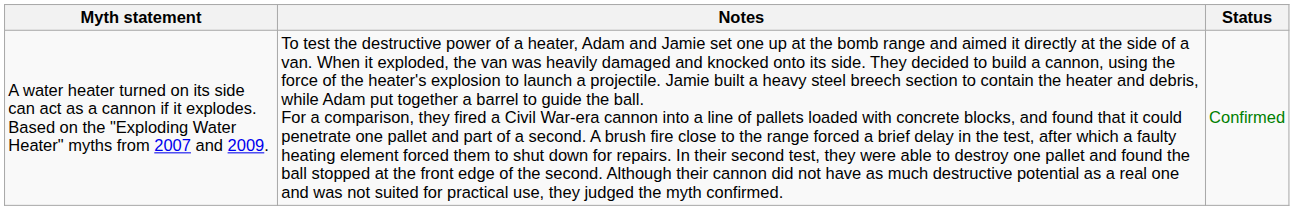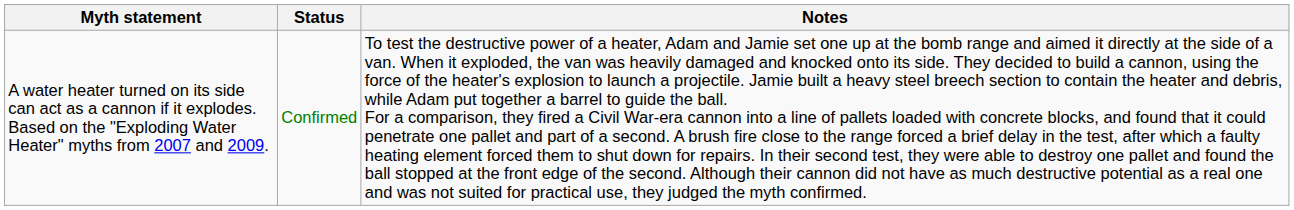 <table class="wikitable plainrowheaders">
 <tr>
 <th>Myth statement</th>
+<th>Status</th>
 <th>Notes</th>
-<th>Status</th>
 </tr>
 <tr>
 <td>A water heater turned on its side can act as a cannon if it explodes. Based on the "Exploding Water Heater" myths from <a href='#'>2007</a> and <a href='#'>2009</a>.</td>
+<td style="color:green">Confirmed</td>
 <td>To test the destructive power of a heater, Adam and Jamie set one up at the bomb range and aimed it directly at the side of a van. When it exploded, the van was heavily damaged and knocked onto its side. They decided to build a cannon, using the force of the heater's explosion to launch a projectile. Jamie built a heavy steel breech section to contain the heater and debris, while Adam put together a  barrel to guide the ball.<br>For a comparison, they fired a Civil War-era cannon into a line of pallets loaded with concrete blocks, and found that it could penetrate one pallet and part of a second. A brush fire close to the range forced a brief delay in the test, after which a faulty heating element forced them to shut down for repairs. In their second test, they were able to destroy one pallet and found the ball stopped at the front edge of the second. Although their cannon did not have as much destructive potential as a real one and was not suited for practical use, they judged the myth confirmed.</td>
-<td style="color:green">Confirmed</td>
 </tr>
 </table>
